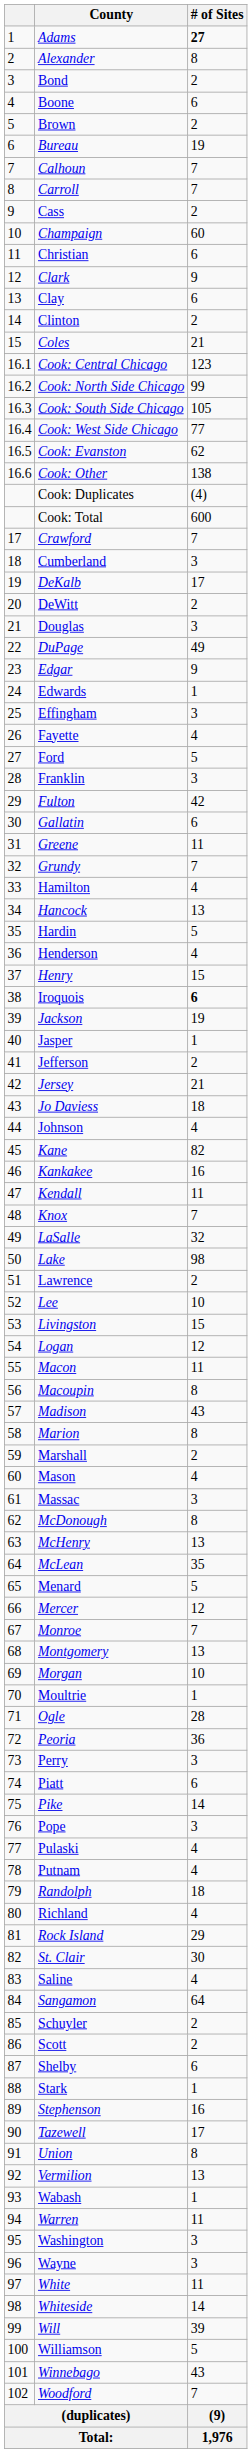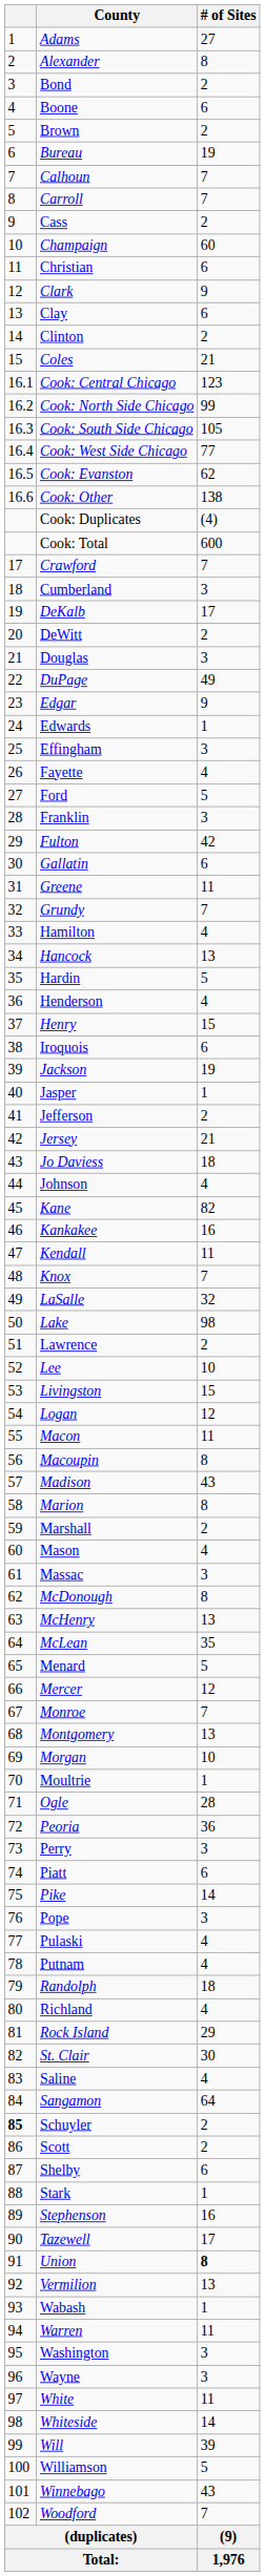 <table class="wikitable sortable">
 <tr>
 <th></th>
 <th><strong>County</strong></th>
 <th><strong># of Sites</strong></th>
 </tr>
 <tr ->
 <td>1</td>
 <td><a href='#'><em>Adams</em></a></td>
-<td><strong>27</strong></td>
+<td>27</td>
 </tr>
 <tr ->
 <td>2</td>
 <td><a href='#'><em>Alexander</em></a></td>
 <td>8</td>
 </tr>
 <tr ->
 <td>3</td>
 <td><a href='#'>Bond</a></td>
 <td>2</td>
 </tr>
 <tr ->
 <td>4</td>
 <td><a href='#'>Boone</a></td>
 <td>6</td>
 </tr>
 <tr ->
 <td>5</td>
 <td><a href='#'>Brown</a></td>
 <td>2</td>
 </tr>
 <tr ->
 <td>6</td>
 <td><a href='#'><em>Bureau</em></a></td>
 <td>19</td>
 </tr>
 <tr ->
 <td>7</td>
 <td><a href='#'><em>Calhoun</em></a></td>
 <td>7</td>
 </tr>
 <tr ->
 <td>8</td>
 <td><a href='#'><em>Carroll</em></a></td>
 <td>7</td>
 </tr>
 <tr ->
 <td>9</td>
 <td><a href='#'>Cass</a></td>
 <td>2</td>
 </tr>
 <tr ->
 <td>10</td>
 <td><a href='#'><em>Champaign</em></a></td>
 <td>60</td>
 </tr>
 <tr ->
 <td>11</td>
 <td><a href='#'>Christian</a></td>
 <td>6</td>
 </tr>
 <tr ->
 <td>12</td>
 <td><a href='#'><em>Clark</em></a></td>
 <td>9</td>
 </tr>
 <tr ->
 <td>13</td>
 <td><a href='#'>Clay</a></td>
 <td>6</td>
 </tr>
 <tr ->
 <td>14</td>
 <td><a href='#'>Clinton</a></td>
 <td>2</td>
 </tr>
 <tr ->
 <td>15</td>
 <td><a href='#'><em>Coles</em></a></td>
 <td>21</td>
 </tr>
 <tr ->
 <td>16.1</td>
 <td><a href='#'><em>Cook: Central Chicago</em></a></td>
 <td>123</td>
 </tr>
 <tr ->
 <td>16.2</td>
 <td><a href='#'><em>Cook: North Side Chicago</em></a></td>
 <td>99</td>
 </tr>
 <tr ->
 <td>16.3</td>
 <td><a href='#'><em>Cook: South Side Chicago</em></a></td>
 <td>105</td>
 </tr>
 <tr ->
 <td>16.4</td>
 <td><a href='#'><em>Cook: West Side Chicago</em></a></td>
 <td>77</td>
 </tr>
 <tr ->
 <td>16.5</td>
 <td><a href='#'><em>Cook: Evanston</em></a></td>
 <td>62</td>
 </tr>
 <tr ->
 <td>16.6</td>
 <td><a href='#'><em>Cook: Other</em></a></td>
 <td>138</td>
 </tr>
 <tr ->
 <td></td>
 <td>Cook: Duplicates</td>
 <td>(4)</td>
 </tr>
 <tr ->
 <td></td>
 <td>Cook: Total</td>
 <td>600</td>
 </tr>
 <tr ->
 <td>17</td>
 <td><a href='#'><em>Crawford</em></a></td>
 <td>7</td>
 </tr>
 <tr ->
 <td>18</td>
 <td><a href='#'>Cumberland</a></td>
 <td>3</td>
 </tr>
 <tr ->
 <td>19</td>
 <td><a href='#'><em>DeKalb</em></a></td>
 <td>17</td>
 </tr>
 <tr ->
 <td>20</td>
 <td><a href='#'>DeWitt</a></td>
 <td>2</td>
 </tr>
 <tr ->
 <td>21</td>
 <td><a href='#'>Douglas</a></td>
 <td>3</td>
 </tr>
 <tr ->
 <td>22</td>
 <td><a href='#'><em>DuPage</em></a></td>
 <td>49</td>
 </tr>
 <tr ->
 <td>23</td>
 <td><a href='#'><em>Edgar</em></a></td>
 <td>9</td>
 </tr>
 <tr ->
 <td>24</td>
 <td><a href='#'>Edwards</a></td>
 <td>1</td>
 </tr>
 <tr ->
 <td>25</td>
 <td><a href='#'>Effingham</a></td>
 <td>3</td>
 </tr>
 <tr ->
 <td>26</td>
 <td><a href='#'>Fayette</a></td>
 <td>4</td>
 </tr>
 <tr ->
 <td>27</td>
 <td><a href='#'>Ford</a></td>
 <td>5</td>
 </tr>
 <tr ->
 <td>28</td>
 <td><a href='#'>Franklin</a></td>
 <td>3</td>
 </tr>
 <tr ->
 <td>29</td>
 <td><a href='#'><em>Fulton</em></a></td>
 <td>42</td>
 </tr>
 <tr ->
 <td>30</td>
 <td><a href='#'><em>Gallatin</em></a></td>
 <td>6</td>
 </tr>
 <tr ->
 <td>31</td>
 <td><a href='#'><em>Greene</em></a></td>
 <td>11</td>
 </tr>
 <tr ->
 <td>32</td>
 <td><a href='#'><em>Grundy</em></a></td>
 <td>7</td>
 </tr>
 <tr ->
 <td>33</td>
 <td><a href='#'>Hamilton</a></td>
 <td>4</td>
 </tr>
 <tr ->
 <td>34</td>
 <td><a href='#'><em>Hancock</em></a></td>
 <td>13</td>
 </tr>
 <tr ->
 <td>35</td>
 <td><a href='#'>Hardin</a></td>
 <td>5</td>
 </tr>
 <tr ->
 <td>36</td>
 <td><a href='#'>Henderson</a></td>
 <td>4</td>
 </tr>
 <tr ->
 <td>37</td>
 <td><a href='#'><em>Henry</em></a></td>
 <td>15</td>
 </tr>
 <tr ->
 <td>38</td>
 <td><a href='#'>Iroquois</a></td>
-<td><strong>6</strong></td>
+<td>6</td>
 </tr>
 <tr ->
 <td>39</td>
 <td><a href='#'><em>Jackson</em></a></td>
 <td>19</td>
 </tr>
 <tr ->
 <td>40</td>
 <td><a href='#'>Jasper</a></td>
 <td>1</td>
 </tr>
 <tr ->
 <td>41</td>
 <td><a href='#'>Jefferson</a></td>
 <td>2</td>
 </tr>
 <tr ->
 <td>42</td>
 <td><a href='#'><em>Jersey</em></a></td>
 <td>21</td>
 </tr>
 <tr ->
 <td>43</td>
 <td><a href='#'><em>Jo Daviess</em></a></td>
 <td>18</td>
 </tr>
 <tr ->
 <td>44</td>
 <td><a href='#'>Johnson</a></td>
 <td>4</td>
 </tr>
 <tr ->
 <td>45</td>
 <td><a href='#'><em>Kane</em></a></td>
 <td>82</td>
 </tr>
 <tr ->
 <td>46</td>
 <td><a href='#'><em>Kankakee</em></a></td>
 <td>16</td>
 </tr>
 <tr ->
 <td>47</td>
 <td><a href='#'><em>Kendall</em></a></td>
 <td>11</td>
 </tr>
 <tr ->
 <td>48</td>
 <td><a href='#'><em>Knox</em></a></td>
 <td>7</td>
 </tr>
 <tr ->
 <td>49</td>
 <td><a href='#'><em>LaSalle</em></a></td>
 <td>32</td>
 </tr>
 <tr ->
 <td>50</td>
 <td><a href='#'><em>Lake</em></a></td>
 <td>98</td>
 </tr>
 <tr ->
 <td>51</td>
 <td><a href='#'>Lawrence</a></td>
 <td>2</td>
 </tr>
 <tr ->
 <td>52</td>
 <td><a href='#'><em>Lee</em></a></td>
 <td>10</td>
 </tr>
 <tr ->
 <td>53</td>
 <td><a href='#'><em>Livingston</em></a></td>
 <td>15</td>
 </tr>
 <tr ->
 <td>54</td>
 <td><a href='#'><em>Logan</em></a></td>
 <td>12</td>
 </tr>
 <tr ->
 <td>55</td>
 <td><a href='#'><em>Macon</em></a></td>
 <td>11</td>
 </tr>
 <tr ->
 <td>56</td>
 <td><a href='#'><em>Macoupin</em></a></td>
 <td>8</td>
 </tr>
 <tr ->
 <td>57</td>
 <td><a href='#'><em>Madison</em></a></td>
 <td>43</td>
 </tr>
 <tr ->
 <td>58</td>
 <td><a href='#'><em>Marion</em></a></td>
 <td>8</td>
 </tr>
 <tr ->
 <td>59</td>
 <td><a href='#'>Marshall</a></td>
 <td>2</td>
 </tr>
 <tr ->
 <td>60</td>
 <td><a href='#'>Mason</a></td>
 <td>4</td>
 </tr>
 <tr ->
 <td>61</td>
 <td><a href='#'>Massac</a></td>
 <td>3</td>
 </tr>
 <tr ->
 <td>62</td>
 <td><a href='#'><em>McDonough</em></a></td>
 <td>8</td>
 </tr>
 <tr ->
 <td>63</td>
 <td><a href='#'><em>McHenry</em></a></td>
 <td>13</td>
 </tr>
 <tr ->
 <td>64</td>
 <td><a href='#'><em>McLean</em></a></td>
 <td>35</td>
 </tr>
 <tr ->
 <td>65</td>
 <td><a href='#'>Menard</a></td>
 <td>5</td>
 </tr>
 <tr ->
 <td>66</td>
 <td><a href='#'><em>Mercer</em></a></td>
 <td>12</td>
 </tr>
 <tr ->
 <td>67</td>
 <td><a href='#'><em>Monroe</em></a></td>
 <td>7</td>
 </tr>
 <tr ->
 <td>68</td>
 <td><a href='#'><em>Montgomery</em></a></td>
 <td>13</td>
 </tr>
 <tr ->
 <td>69</td>
 <td><a href='#'><em>Morgan</em></a></td>
 <td>10</td>
 </tr>
 <tr ->
 <td>70</td>
 <td><a href='#'>Moultrie</a></td>
 <td>1</td>
 </tr>
 <tr ->
 <td>71</td>
 <td><a href='#'><em>Ogle</em></a></td>
 <td>28</td>
 </tr>
 <tr ->
 <td>72</td>
 <td><a href='#'><em>Peoria</em></a></td>
 <td>36</td>
 </tr>
 <tr ->
 <td>73</td>
 <td><a href='#'>Perry</a></td>
 <td>3</td>
 </tr>
 <tr ->
 <td>74</td>
 <td><a href='#'>Piatt</a></td>
 <td>6</td>
 </tr>
 <tr ->
 <td>75</td>
 <td><a href='#'><em>Pike</em></a></td>
 <td>14</td>
 </tr>
 <tr ->
 <td>76</td>
 <td><a href='#'>Pope</a></td>
 <td>3</td>
 </tr>
 <tr ->
 <td>77</td>
 <td><a href='#'>Pulaski</a></td>
 <td>4</td>
 </tr>
 <tr ->
 <td>78</td>
 <td><a href='#'>Putnam</a></td>
 <td>4</td>
 </tr>
 <tr ->
 <td>79</td>
 <td><a href='#'><em>Randolph</em></a></td>
 <td>18</td>
 </tr>
 <tr ->
 <td>80</td>
 <td><a href='#'>Richland</a></td>
 <td>4</td>
 </tr>
 <tr ->
 <td>81</td>
 <td><a href='#'><em>Rock Island</em></a></td>
 <td>29</td>
 </tr>
 <tr ->
 <td>82</td>
 <td><a href='#'><em>St. Clair</em></a></td>
 <td>30</td>
 </tr>
 <tr ->
 <td>83</td>
 <td><a href='#'>Saline</a></td>
 <td>4</td>
 </tr>
 <tr ->
 <td>84</td>
 <td><a href='#'><em>Sangamon</em></a></td>
 <td>64</td>
 </tr>
 <tr ->
-<td>85</td>
+<td><strong>85</strong></td>
 <td><a href='#'>Schuyler</a></td>
 <td>2</td>
 </tr>
 <tr ->
 <td>86</td>
 <td><a href='#'>Scott</a></td>
 <td>2</td>
 </tr>
 <tr ->
 <td>87</td>
 <td><a href='#'>Shelby</a></td>
 <td>6</td>
 </tr>
 <tr ->
 <td>88</td>
 <td><a href='#'>Stark</a></td>
 <td>1</td>
 </tr>
 <tr ->
 <td>89</td>
 <td><a href='#'><em>Stephenson</em></a></td>
 <td>16</td>
 </tr>
 <tr ->
 <td>90</td>
 <td><a href='#'><em>Tazewell</em></a></td>
 <td>17</td>
 </tr>
 <tr ->
 <td>91</td>
 <td><a href='#'><em>Union</em></a></td>
-<td>8</td>
+<td><strong>8</strong></td>
 </tr>
 <tr ->
 <td>92</td>
 <td><a href='#'><em>Vermilion</em></a></td>
 <td>13</td>
 </tr>
 <tr ->
 <td>93</td>
 <td><a href='#'>Wabash</a></td>
 <td>1</td>
 </tr>
 <tr ->
 <td>94</td>
 <td><a href='#'><em>Warren</em></a></td>
 <td>11</td>
 </tr>
 <tr ->
 <td>95</td>
 <td><a href='#'>Washington</a></td>
 <td>3</td>
 </tr>
 <tr ->
 <td>96</td>
 <td><a href='#'>Wayne</a></td>
 <td>3</td>
 </tr>
 <tr ->
 <td>97</td>
 <td><a href='#'><em>White</em></a></td>
 <td>11</td>
 </tr>
 <tr ->
 <td>98</td>
 <td><a href='#'><em>Whiteside</em></a></td>
 <td>14</td>
 </tr>
 <tr ->
 <td>99</td>
 <td><a href='#'><em>Will</em></a></td>
 <td>39</td>
 </tr>
 <tr ->
 <td>100</td>
 <td><a href='#'>Williamson</a></td>
 <td>5</td>
 </tr>
 <tr ->
 <td>101</td>
 <td><a href='#'><em>Winnebago</em></a></td>
 <td>43</td>
 </tr>
 <tr ->
 <td>102</td>
 <td><a href='#'><em>Woodford</em></a></td>
 <td>7</td>
 </tr>
 <tr class="sortbottom">
 <th colspan="2">(duplicates)</th>
 <th>(9)</th>
 </tr>
 <tr class="sortbottom">
 <th colspan="2">Total:</th>
 <th>1,976</th>
 </tr>
 </table>
